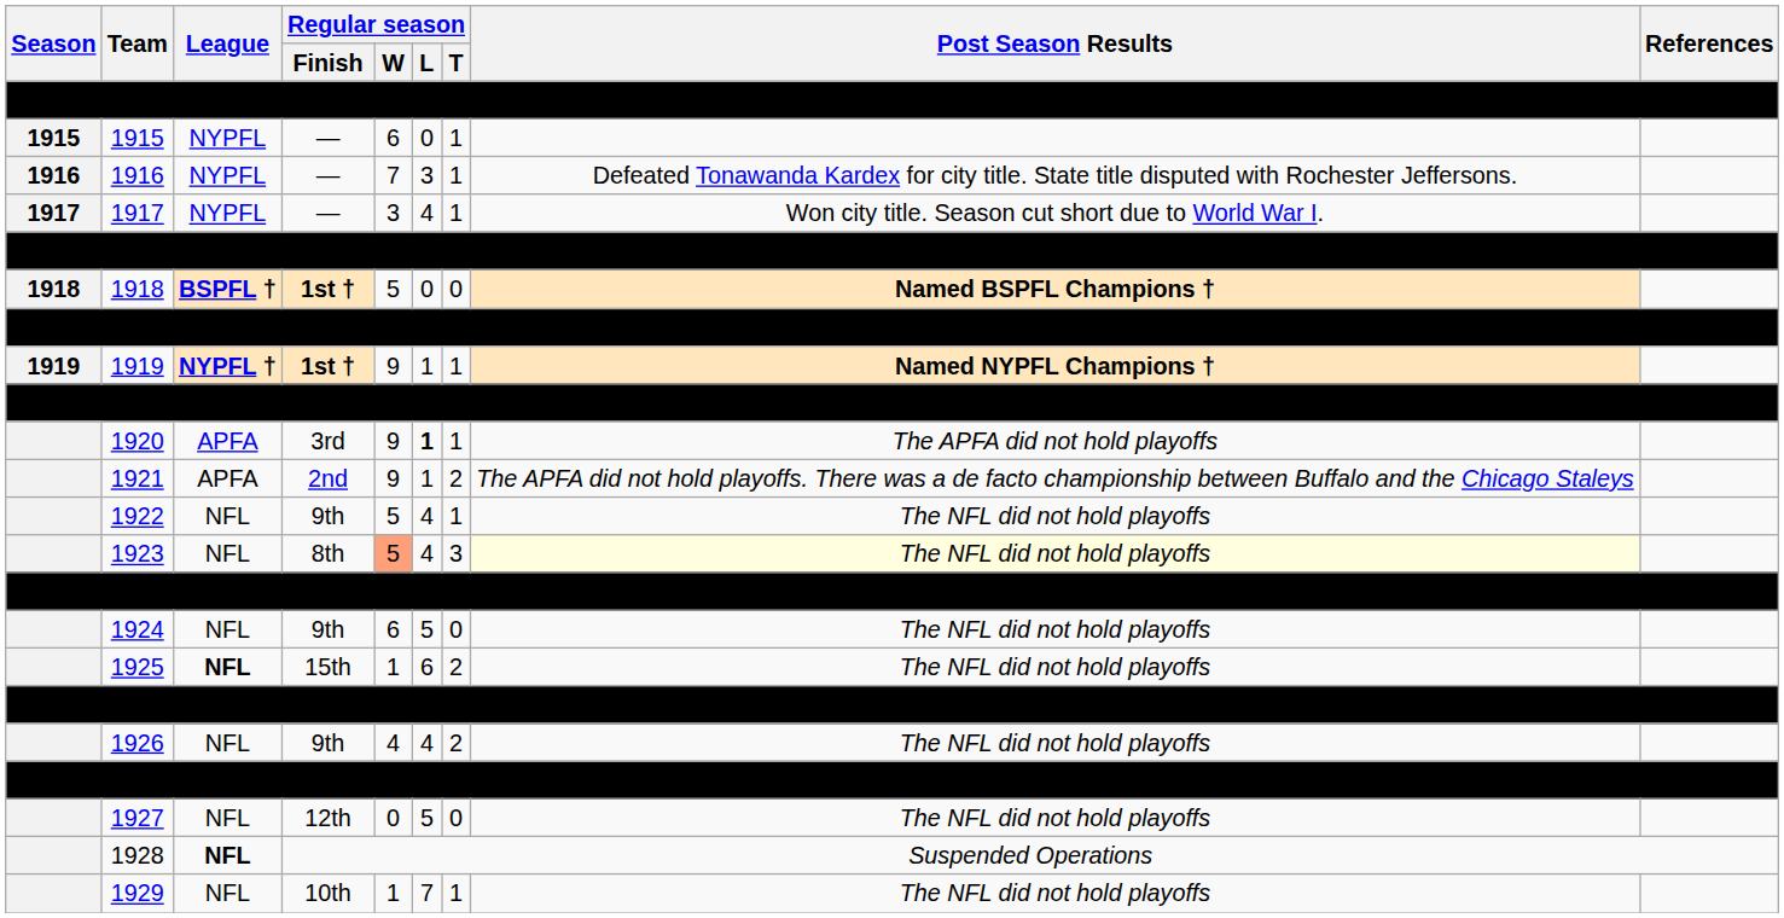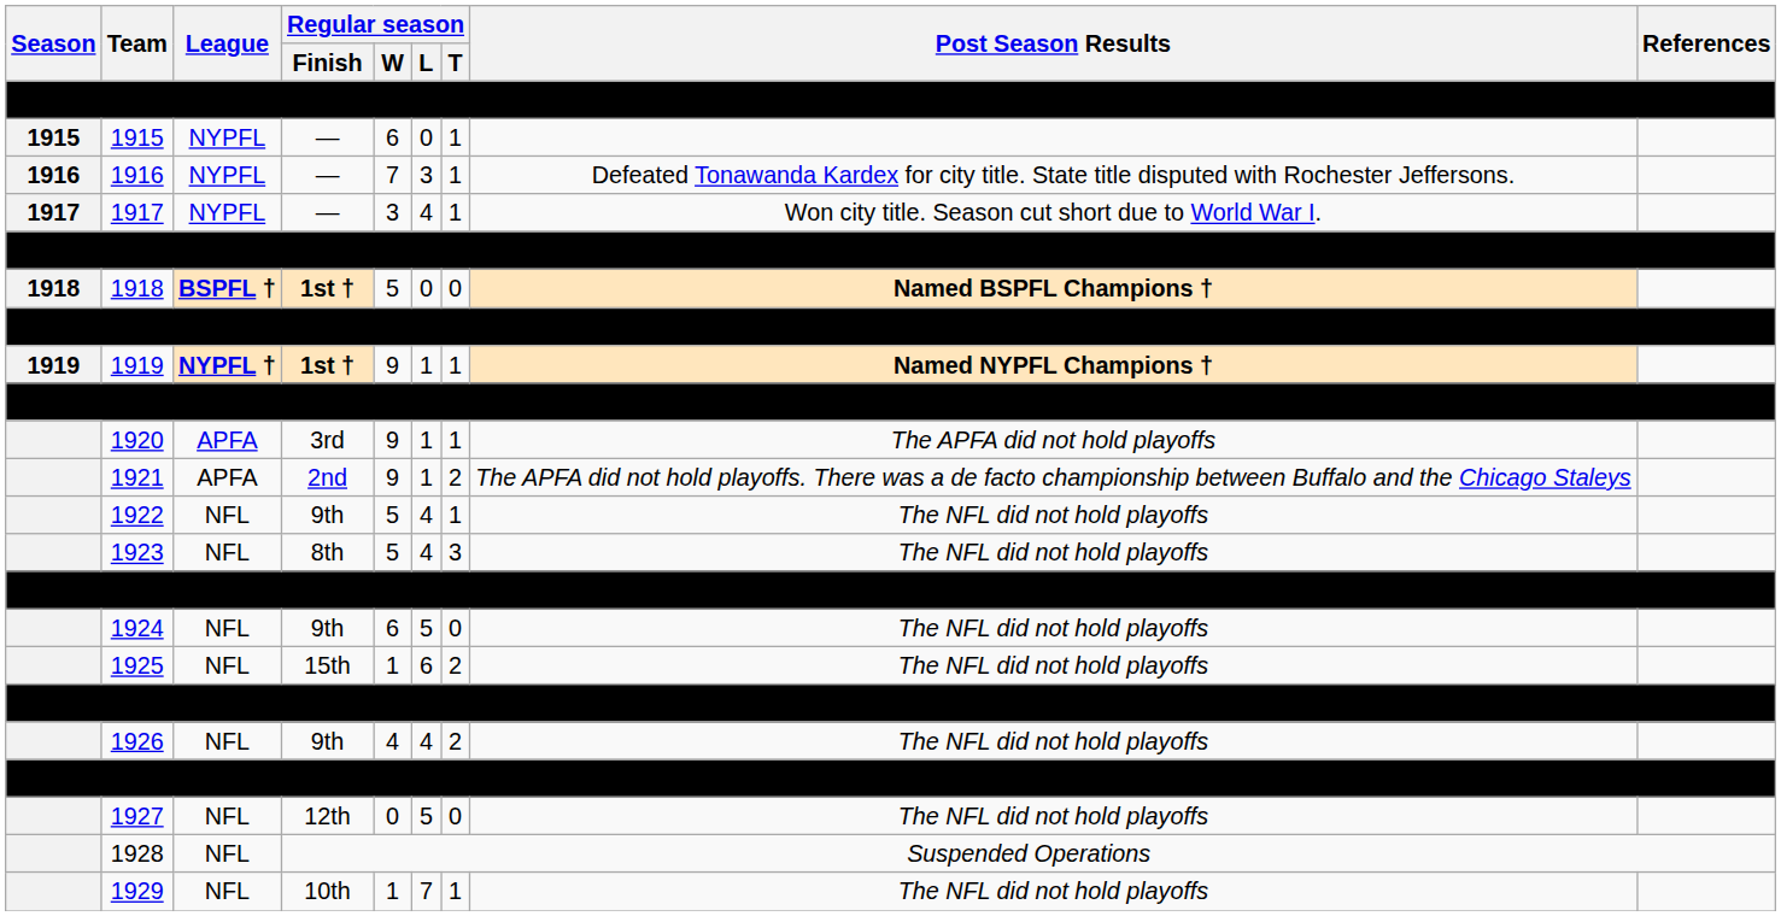 <table class="wikitable" style="font-size: 95%; text-align:center">
 <tr>
 <th rowspan="2"><a href='#'>Season</a></th>
 <th rowspan="2">Team</th>
 <th rowspan="2"><a href='#'>League</a></th>
 <th colspan="4"><a href='#'>Regular season</a></th>
 <th rowspan="2"><a href='#'>Post Season</a> Results</th>
 <th rowspan="2">References</th>
 </tr>
 <tr>
 <th>Finish</th>
 <th>W</th>
 <th>L</th>
 <th>T</th>
 </tr>
 <tr>
 <td colspan="9" style="text-align:center; background:black;"><strong><span>Buffalo All-Stars</span></strong></td>
 </tr>
 <tr>
 <th style="text-align:center;">1915</th>
 <td style="text-align:center;"><a href='#'>1915</a></td>
 <td style="text-align:center;"><a href='#'>NYPFL</a></td>
 <td style="text-align:center;">—</td>
 <td style="text-align:center;">6</td>
 <td style="text-align:center;">0</td>
 <td style="text-align:center;">1</td>
 <td></td>
 <td style="text-align:center;"></td>
 </tr>
 <tr>
 <th style="text-align:center;">1916</th>
 <td style="text-align:center;"><a href='#'>1916</a></td>
 <td style="text-align:center;"><a href='#'>NYPFL</a></td>
 <td style="text-align:center;">—</td>
 <td style="text-align:center;">7</td>
 <td style="text-align:center;">3</td>
 <td style="text-align:center;">1</td>
 <td style="text-align:center;">Defeated <a href='#'>Tonawanda Kardex</a> for city title. State title disputed with Rochester Jeffersons.</td>
 <td style="text-align:center;"></td>
 </tr>
 <tr>
 <th style="text-align:center;">1917</th>
 <td style="text-align:center;"><a href='#'>1917</a></td>
 <td style="text-align:center;"><a href='#'>NYPFL</a></td>
 <td style="text-align:center;">—</td>
 <td style="text-align:center;">3</td>
 <td style="text-align:center;">4</td>
 <td style="text-align:center;">1</td>
 <td style="text-align:center;">Won city title. Season cut short due to <a href='#'>World War I</a>.</td>
 <td style="text-align:center;"></td>
 </tr>
 <tr>
 <td colspan="9" style="text-align:center; background:black;"><strong><span>Buffalo Niagaras</span></strong></td>
 </tr>
 <tr>
 <th style="text-align:center;">1918</th>
 <td style="text-align:center;"><a href='#'>1918</a></td>
 <td style="text-align:center; background:#ffe6bd;"><strong><a href='#'>BSPFL</a> †</strong></td>
 <td style="text-align:center; background:#ffe6bd;"><strong>1st †</strong></td>
 <td style="text-align:center;">5</td>
 <td style="text-align:center;">0</td>
 <td style="text-align:center;">0</td>
 <td style="background: #FFE6BD"><strong>Named BSPFL Champions †</strong></td>
 <td style="text-align:center;"></td>
 </tr>
 <tr>
 <td colspan="9" style="text-align:center; background:black;"><strong><span>Buffalo Prospects</span></strong></td>
 </tr>
 <tr>
 <th style="text-align:center;">1919</th>
 <td style="text-align:center;"><a href='#'>1919</a></td>
 <td style="text-align:center; background:#ffe6bd;"><strong><a href='#'>NYPFL</a> †</strong></td>
 <td style="text-align:center; background:#ffe6bd;"><strong>1st †</strong></td>
 <td style="text-align:center;">9</td>
 <td style="text-align:center;">1</td>
 <td style="text-align:center;">1</td>
 <td style="background: #FFE6BD"><strong>Named NYPFL Champions †</strong></td>
 <td style="text-align:center;"></td>
 </tr>
 <tr>
 <td colspan="9" style="text-align:center; background:black;"><strong><span>Buffalo All-Americans</span></strong></td>
 </tr>
 <tr>
 <th style="text-align:center;"></th>
 <td style="text-align:center;"><a href='#'>1920</a></td>
 <td style="text-align:center;"><a href='#'>APFA</a></td>
 <td style="text-align:center;">3rd</td>
 <td style="text-align:center;">9</td>
-<td style="text-align:center;"><strong>1</strong></td>
+<td style="text-align:center;">1</td>
 <td style="text-align:center;">1</td>
 <td style="text-align:center;"><em>The APFA did not hold playoffs</em></td>
 <td style="text-align:center;"></td>
 </tr>
 <tr>
 <th style="text-align:center;"></th>
 <td style="text-align:center;"><a href='#'>1921</a></td>
 <td style="text-align:center;">APFA</td>
 <td style="text-align:center;"><a href='#'>2nd</a></td>
 <td style="text-align:center;">9</td>
 <td style="text-align:center;">1</td>
 <td style="text-align:center;">2</td>
 <td style="text-align:center;"><em>The APFA did not hold playoffs. There was a de facto championship between Buffalo and the <a href='#'>Chicago Staleys</a></em></td>
 <td style="text-align:center;"></td>
 </tr>
 <tr>
 <th style="text-align:center;"></th>
 <td style="text-align:center;"><a href='#'>1922</a></td>
 <td style="text-align:center;">NFL</td>
 <td style="text-align:center;">9th</td>
 <td style="text-align:center;">5</td>
 <td style="text-align:center;">4</td>
 <td style="text-align:center;">1</td>
 <td style="text-align:center;"><em>The NFL did not hold playoffs</em></td>
 <td style="text-align:center;"></td>
 </tr>
 <tr>
 <th style="text-align:center;"></th>
 <td style="text-align:center;"><a href='#'>1923</a></td>
 <td style="text-align:center;">NFL</td>
 <td style="text-align:center;">8th</td>
-<td style="background: lightsalmon; text-align:center;">5</td>
+<td style="text-align:center;">5</td>
 <td style="text-align:center;">4</td>
 <td style="text-align:center;">3</td>
-<td style="background: lightyellow; text-align:center;"><em>The NFL did not hold playoffs</em></td>
+<td style="text-align:center;"><em>The NFL did not hold playoffs</em></td>
 <td style="text-align:center;"></td>
 </tr>
 <tr>
 <td colspan="9" style="text-align:center; background:black;"><strong><span>Buffalo Bisons</span></strong></td>
 </tr>
 <tr>
 <th style="text-align:center;"></th>
 <td style="text-align:center;"><a href='#'>1924</a></td>
 <td style="text-align:center;">NFL</td>
 <td style="text-align:center;">9th</td>
 <td style="text-align:center;">6</td>
 <td style="text-align:center;">5</td>
 <td style="text-align:center;">0</td>
 <td style="text-align:center;"><em>The NFL did not hold playoffs</em></td>
 <td style="text-align:center;"></td>
 </tr>
 <tr>
 <th style="text-align:center;"></th>
 <td style="text-align:center;"><a href='#'>1925</a></td>
-<td style="text-align:center;"><strong>NFL</strong></td>
+<td style="text-align:center;">NFL</td>
 <td style="text-align:center;">15th</td>
 <td style="text-align:center;">1</td>
 <td style="text-align:center;">6</td>
 <td style="text-align:center;">2</td>
 <td style="text-align:center;"><em>The NFL did not hold playoffs</em></td>
 <td style="text-align:center;"></td>
 </tr>
 <tr>
 <td colspan="9" style="text-align:center; background:black;"><strong><span>Buffalo Rangers</span></strong></td>
 </tr>
 <tr>
 <th style="text-align:center;"></th>
 <td style="text-align:center;"><a href='#'>1926</a></td>
 <td style="text-align:center;">NFL</td>
 <td style="text-align:center;">9th</td>
 <td style="text-align:center;">4</td>
 <td style="text-align:center;">4</td>
 <td style="text-align:center;">2</td>
 <td style="text-align:center;"><em>The NFL did not hold playoffs</em></td>
 <td style="text-align:center;"></td>
 </tr>
 <tr>
 <td colspan="9" style="text-align:center; background:black;"><strong><span>Buffalo Bisons</span></strong></td>
 </tr>
 <tr>
 <th style="text-align:center;"></th>
 <td style="text-align:center;"><a href='#'>1927</a></td>
 <td style="text-align:center;">NFL</td>
 <td style="text-align:center;">12th</td>
 <td style="text-align:center;">0</td>
 <td style="text-align:center;">5</td>
 <td style="text-align:center;">0</td>
 <td style="text-align:center;"><em>The NFL did not hold playoffs</em></td>
 <td style="text-align:center;"></td>
 </tr>
 <tr>
 <th style="text-align:center;"></th>
 <td style="text-align:center;">1928</td>
-<td style="text-align:center;"><strong>NFL</strong></td>
+<td style="text-align:center;">NFL</td>
 <td colspan="6" style="text-align:center"><em>Suspended Operations</em></td>
 </tr>
 <tr>
 <th style="text-align:center;"></th>
 <td style="text-align:center;"><a href='#'>1929</a></td>
 <td style="text-align:center;">NFL</td>
 <td style="text-align:center;">10th</td>
 <td style="text-align:center;">1</td>
 <td style="text-align:center;">7</td>
 <td style="text-align:center;">1</td>
 <td style="text-align:center;"><em>The NFL did not hold playoffs</em></td>
 <td style="text-align:center;"></td>
 </tr>
 </table>
